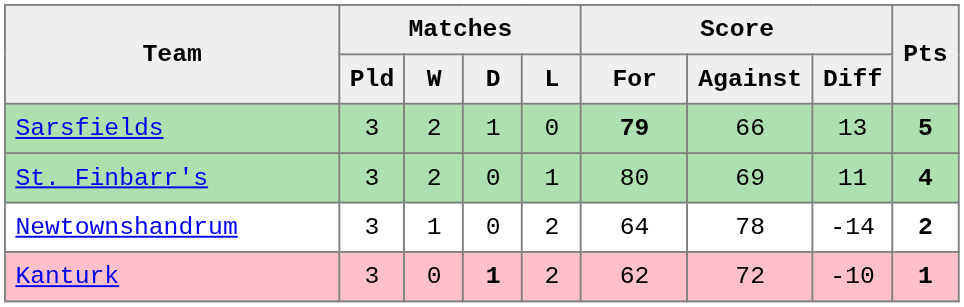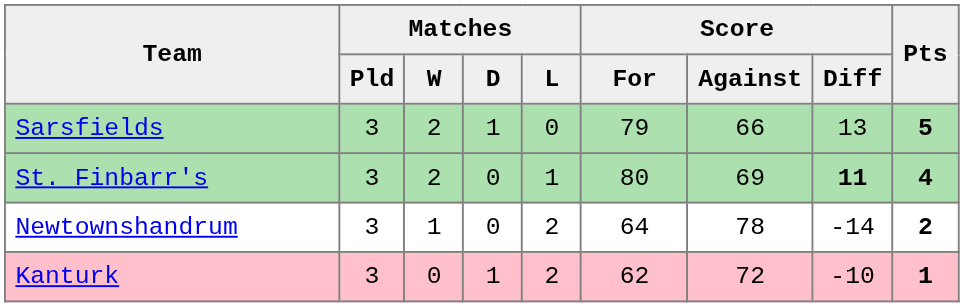 <table style=border-collapse:collapse border=1 cellspacing=0 cellpadding=5>
 <tr align=center bgcolor=#efefef>
 <th rowspan=2 width=165>Team</th>
 <th colspan=4>Matches</th>
 <th colspan=3>Score</th>
 <th rowspan=2width=20>Pts</th>
 </tr>
 <tr align=center bgcolor=#efefef>
 <th width=20>Pld</th>
 <th width=20>W</th>
 <th width=20>D</th>
 <th width=20>L</th>
 <th width=45>For</th>
 <th width=45>Against</th>
 <th width=30>Diff</th>
 </tr>
 <tr align=center style="background:#ACE1AF;">
 <td style="text-align:left;"><a href='#'>Sarsfields</a></td>
 <td>3</td>
 <td>2</td>
 <td>1</td>
 <td>0</td>
-<td><strong>79</strong></td>
+<td>79</td>
 <td>66</td>
 <td>13</td>
 <td><strong>5</strong></td>
 </tr>
 <tr align=center style="background:#ACE1AF;">
 <td style="text-align:left;"><a href='#'>St. Finbarr's</a></td>
 <td>3</td>
 <td>2</td>
 <td>0</td>
 <td>1</td>
 <td>80</td>
 <td>69</td>
-<td>11</td>
+<td><strong>11</strong></td>
 <td><strong>4</strong></td>
 </tr>
 <tr align=center>
 <td style="text-align:left;"><a href='#'>Newtownshandrum</a></td>
 <td>3</td>
 <td>1</td>
 <td>0</td>
 <td>2</td>
 <td>64</td>
 <td>78</td>
 <td>-14</td>
 <td><strong>2</strong></td>
 </tr>
 <tr align=center  style="background:#FFC0CB;">
 <td style="text-align:left;"><a href='#'>Kanturk</a></td>
 <td>3</td>
 <td>0</td>
-<td><strong>1</strong></td>
+<td>1</td>
 <td>2</td>
 <td>62</td>
 <td>72</td>
 <td>-10</td>
 <td><strong>1</strong></td>
 </tr>
 </table>
